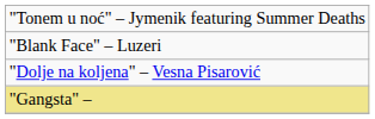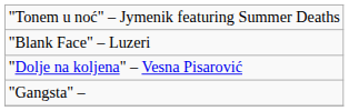 <table class="wikitable mw-collapsible mw-collapsed">
 <tr>
 <td>"Tonem u noć" – Jymenik featuring Summer Deaths</td>
 </tr>
 <tr>
 <td>"Blank Face" – Luzeri</td>
 </tr>
 <tr>
 <td>"<a href='#'>Dolje na koljena</a>" – <a href='#'>Vesna Pisarović</a></td>
 </tr>
 <tr>
-<td style="background: khaki;">"Gangsta" – </td>
+<td>"Gangsta" – </td>
 </tr>
 <tr>
 </tr>
 </table>
